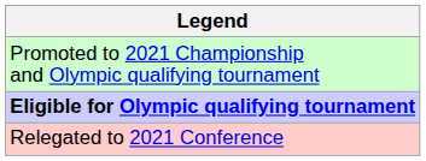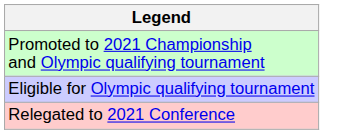 <table class="wikitable">
 <tr>
 <th>Legend</th>
 </tr>
 <tr bgcolor=ccffcc>
 <td>Promoted to <a href='#'>2021 Championship</a> <br> and <a href='#'>Olympic qualifying tournament</a></td>
 </tr>
 <tr bgcolor=ccccff>
-<td><strong>Eligible for <a href='#'>Olympic qualifying tournament</a></strong></td>
+<td>Eligible for <a href='#'>Olympic qualifying tournament</a></td>
 </tr>
 <tr bgcolor=ffcccc>
 <td>Relegated to <a href='#'>2021 Conference</a></td>
 </tr>
 </table>
